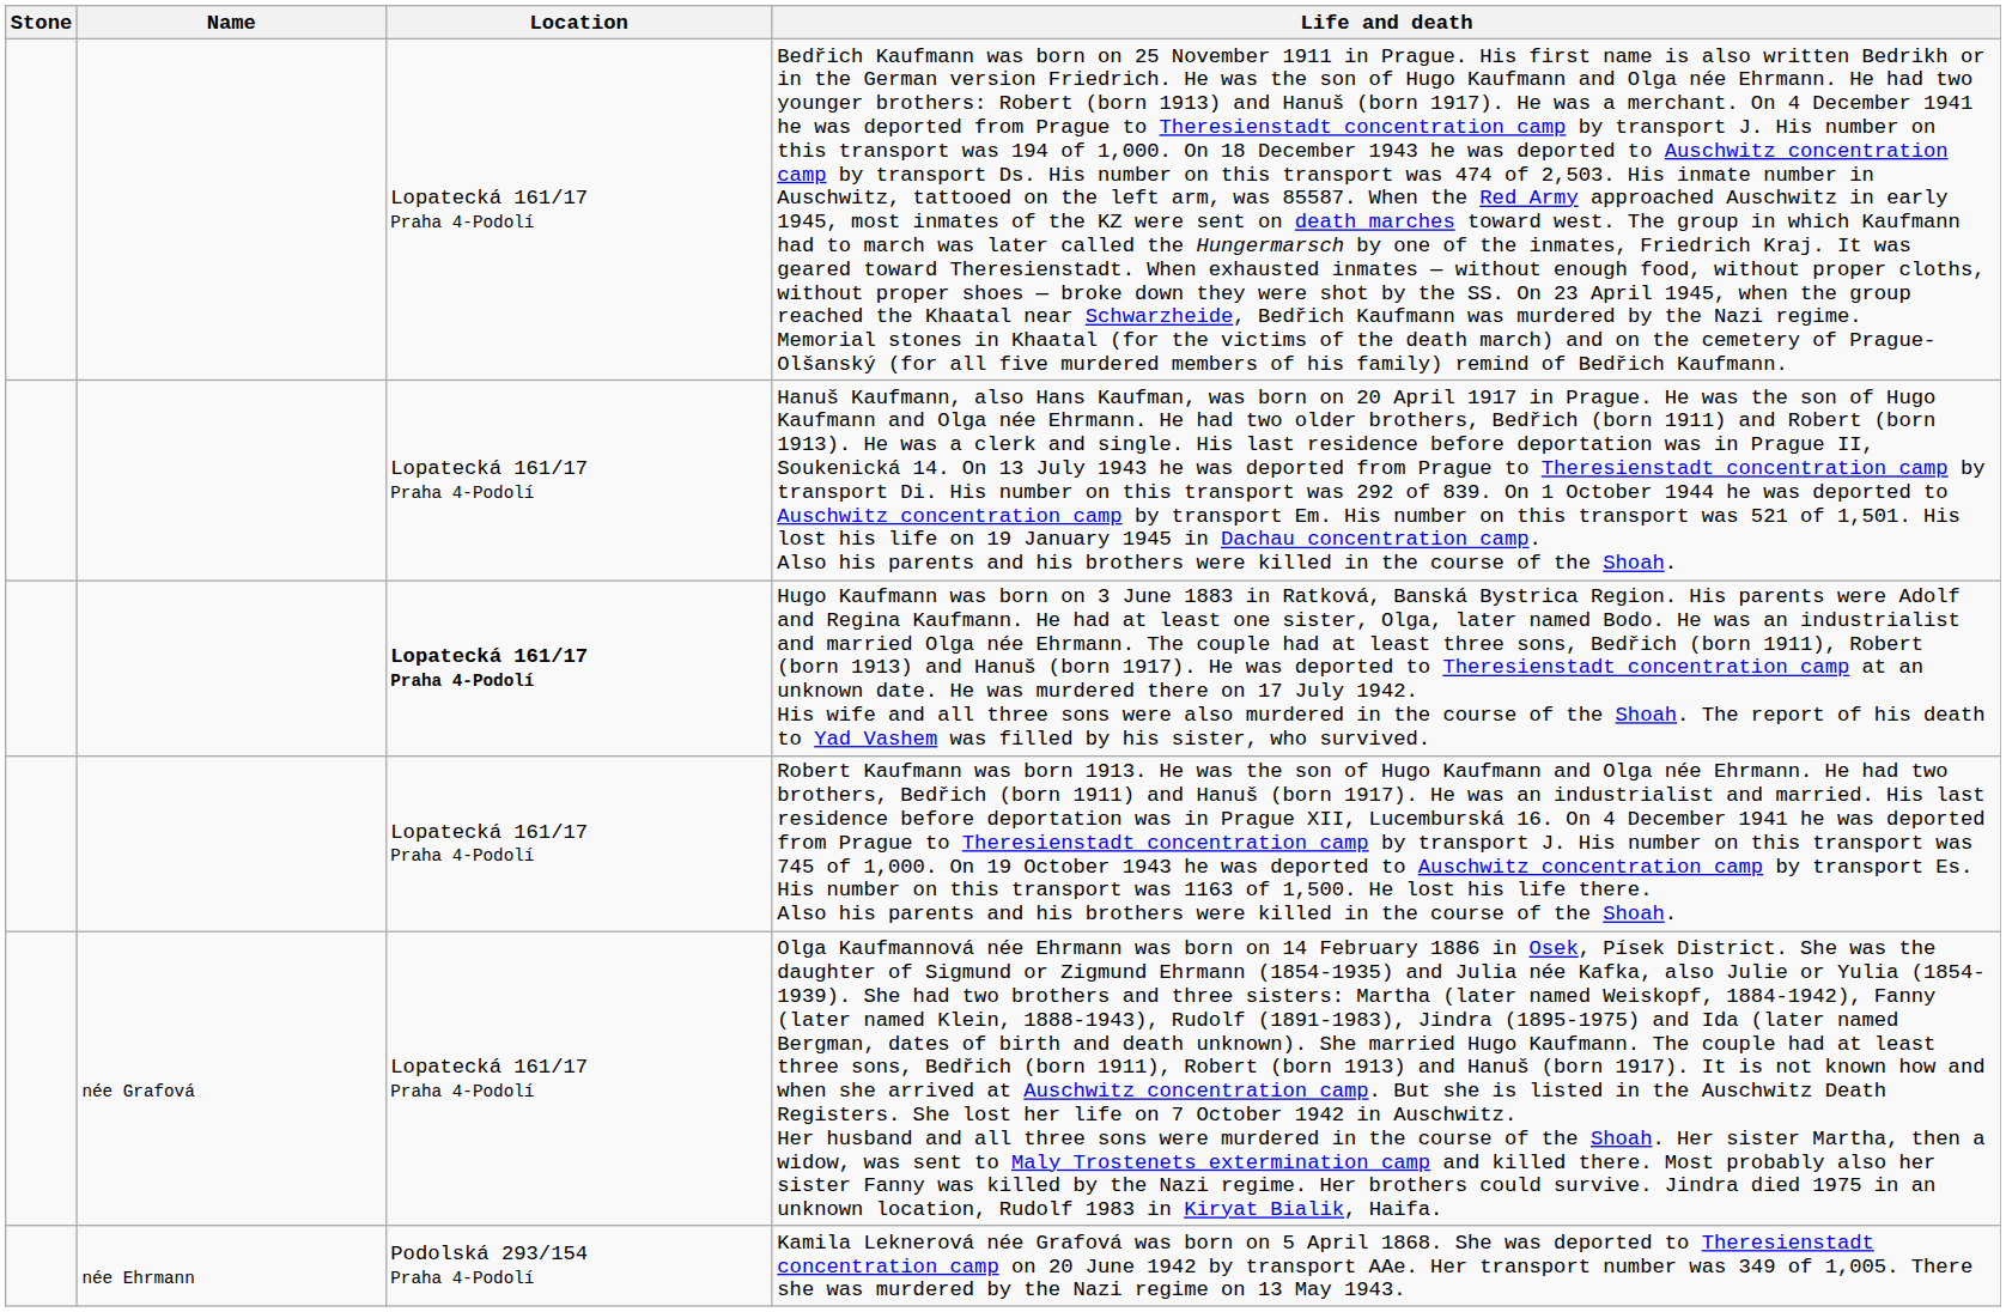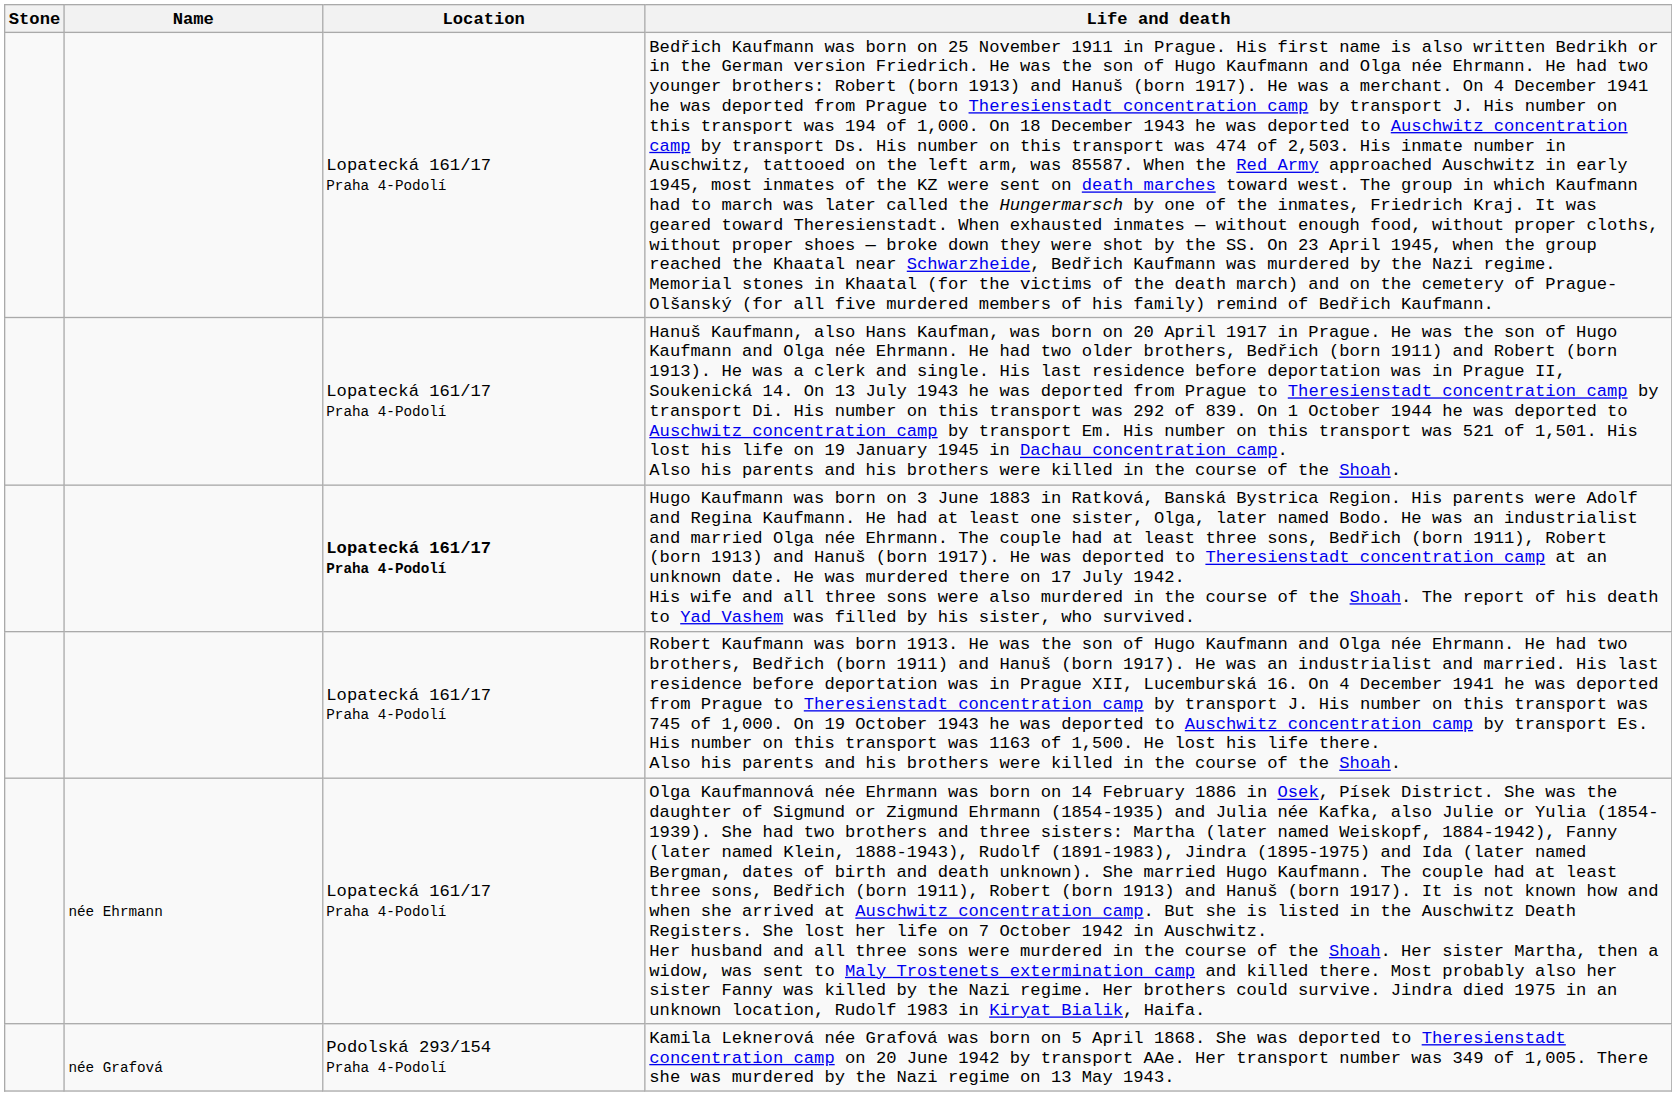 <table class="wikitable sortable toptextcells" style="width:100%">
 <tr>
 <th class="hintergrundfarbe6 unsortable" width="120px">Stone</th>
 <th class="hintergrundfarbe6" style ="width:16%;">Name</th>
 <th class="hintergrundfarbe6" data-sort-type="text" style ="width:20%;">Location</th>
 <th class="hintergrundfarbe6 unsortable" style="width:100%;">Life and death</th>
 </tr>
 <tr>
 <td></td>
 <td></td>
 <td>Lopatecká 161/17<br><small>Praha 4-Podolí</small></td>
 <td>Bedřich Kaufmann was born on 25 November 1911 in Prague. His first name is also written Bedrikh or in the German version Friedrich. He was the son of Hugo Kaufmann and Olga née Ehrmann. He had two younger brothers: Robert (born 1913) and Hanuš (born 1917). He was a merchant. On 4 December 1941 he was deported from Prague to <a href='#'>Theresienstadt concentration camp</a> by transport J. His number on this transport was 194 of 1,000. On 18 December 1943 he was deported to <a href='#'>Auschwitz concentration camp</a> by transport Ds. His number on this transport was 474 of 2,503. His inmate number in Auschwitz, tattooed on the left arm, was 85587. When the <a href='#'>Red Army</a> approached Auschwitz in early 1945, most inmates of the KZ were sent on <a href='#'>death marches</a> toward west. The group in which Kaufmann had to march was later called the <em>Hungermarsch</em> by one of the inmates, Friedrich Kraj. It was geared toward Theresienstadt. When exhausted inmates — without enough food, without proper cloths, without proper shoes — broke down they were shot by the SS. On 23 April 1945, when the group reached the Khaatal near <a href='#'>Schwarzheide</a>, Bedřich Kaufmann was murdered by the Nazi regime.<br>Memorial stones in Khaatal (for the victims of the death march) and on the cemetery of Prague-Olšanský (for all five murdered members of his family) remind of Bedřich Kaufmann.</td>
 </tr>
 <tr>
 <td></td>
 <td></td>
 <td>Lopatecká 161/17<br><small>Praha 4-Podolí</small></td>
 <td>Hanuš Kaufmann, also Hans Kaufman, was born on 20 April 1917 in Prague. He was the son of Hugo Kaufmann and Olga née Ehrmann. He had two older brothers, Bedřich (born 1911) and Robert (born 1913). He was a clerk and single. His last residence before deportation was in Prague II, Soukenická 14. On 13 July 1943 he was deported from Prague to <a href='#'>Theresienstadt concentration camp</a> by transport Di. His number on this transport was 292 of 839. On 1 October 1944 he was deported to <a href='#'>Auschwitz concentration camp</a> by transport Em. His number on this transport was 521 of 1,501. His lost his life on 19 January 1945 in <a href='#'>Dachau concentration camp</a>.<br>Also his parents and his brothers were killed in the course of the <a href='#'>Shoah</a>.</td>
 </tr>
 <tr>
 <td></td>
 <td></td>
 <td><strong>Lopatecká 161/17<br><small>Praha 4-Podolí</small></strong></td>
 <td>Hugo Kaufmann was born on 3 June 1883 in Ratková, Banská Bystrica Region. His parents were Adolf and Regina Kaufmann. He had at least one sister, Olga, later named Bodo. He was an industrialist and married Olga née Ehrmann. The couple had at least three sons, Bedřich (born 1911), Robert (born 1913) and Hanuš (born 1917). He was deported to <a href='#'>Theresienstadt concentration camp</a> at an unknown date. He was murdered there on 17 July 1942.<br>His wife and all three sons were also murdered in the course of the <a href='#'>Shoah</a>. The report of his death to <a href='#'>Yad Vashem</a> was filled by his sister, who survived.</td>
 </tr>
 <tr>
 <td></td>
 <td></td>
 <td>Lopatecká 161/17<br><small>Praha 4-Podolí</small></td>
 <td>Robert Kaufmann was born 1913. He was the son of Hugo Kaufmann and Olga née Ehrmann. He had two brothers, Bedřich (born 1911) and Hanuš (born 1917). He was an industrialist and married. His last residence before deportation was in Prague XII, Lucemburská 16. On 4 December 1941 he was deported from Prague to <a href='#'>Theresienstadt concentration camp</a> by transport J. His number on this transport was 745 of 1,000. On 19 October 1943 he was deported to <a href='#'>Auschwitz concentration camp</a> by transport Es. His number on this transport was 1163 of 1,500. He lost his life there.<br>Also his parents and his brothers were killed in the course of the <a href='#'>Shoah</a>.</td>
 </tr>
 <tr>
 <td></td>
-<td><br><small>née Grafová</small></td>
+<td><br><small>née Ehrmann</small></td>
 <td>Lopatecká 161/17<br><small>Praha 4-Podolí</small></td>
 <td>Olga Kaufmannová née Ehrmann was born on 14 February 1886 in <a href='#'>Osek</a>, Písek District. She was the daughter of Sigmund or Zigmund Ehrmann (1854-1935) and Julia née Kafka, also Julie or Yulia (1854-1939). She had two brothers and three sisters: Martha (later named Weiskopf, 1884-1942), Fanny (later named Klein, 1888-1943), Rudolf (1891-1983), Jindra (1895-1975) and Ida (later named Bergman, dates of birth and death unknown). She married Hugo Kaufmann. The couple had at least three sons, Bedřich (born 1911), Robert (born 1913) and Hanuš (born 1917). It is not known how and when she arrived at <a href='#'>Auschwitz concentration camp</a>. But she is listed in the Auschwitz Death Registers. She lost her life on 7 October 1942 in Auschwitz.<br>Her husband and all three sons were murdered in the course of the <a href='#'>Shoah</a>. Her sister Martha, then a widow, was sent to <a href='#'>Maly Trostenets extermination camp</a> and killed there. Most probably also her sister Fanny was killed by the Nazi regime. Her brothers could survive. Jindra died 1975 in an unknown location, Rudolf 1983 in <a href='#'>Kiryat Bialik</a>, Haifa.</td>
 </tr>
 <tr>
 <td></td>
-<td><br><small>née Ehrmann</small></td>
+<td><br><small>née Grafová</small></td>
 <td>Podolská 293/154<br><small>Praha 4-Podolí</small></td>
 <td>Kamila Leknerová née Grafová was born on 5 April 1868. She was deported to <a href='#'>Theresienstadt concentration camp</a> on 20 June 1942 by transport AAe. Her transport number was 349 of 1,005. There she was murdered by the Nazi regime on 13 May 1943.</td>
 </tr>
 </table>
